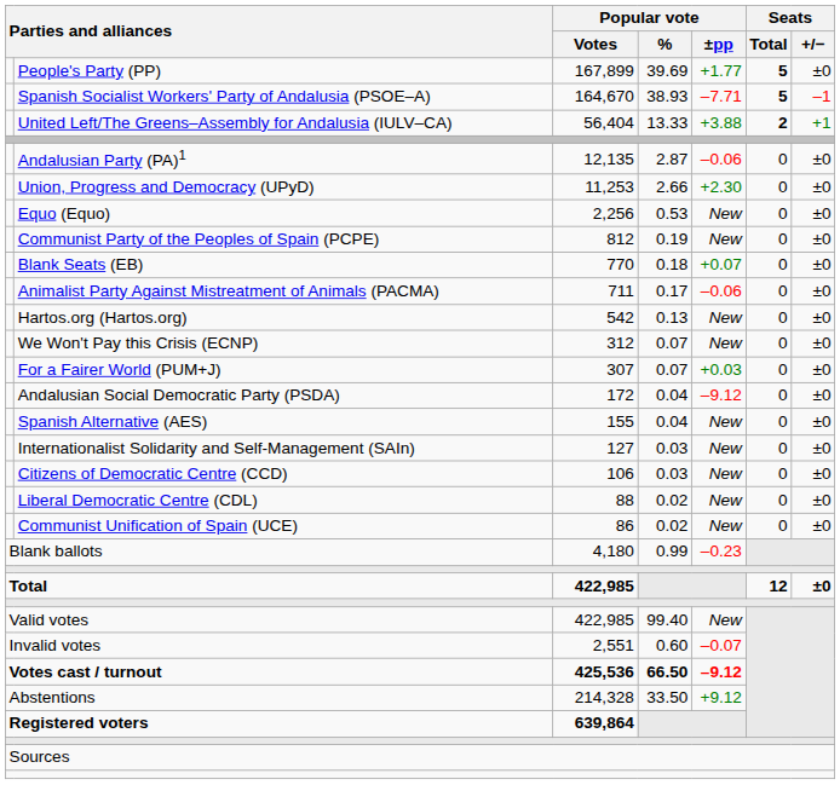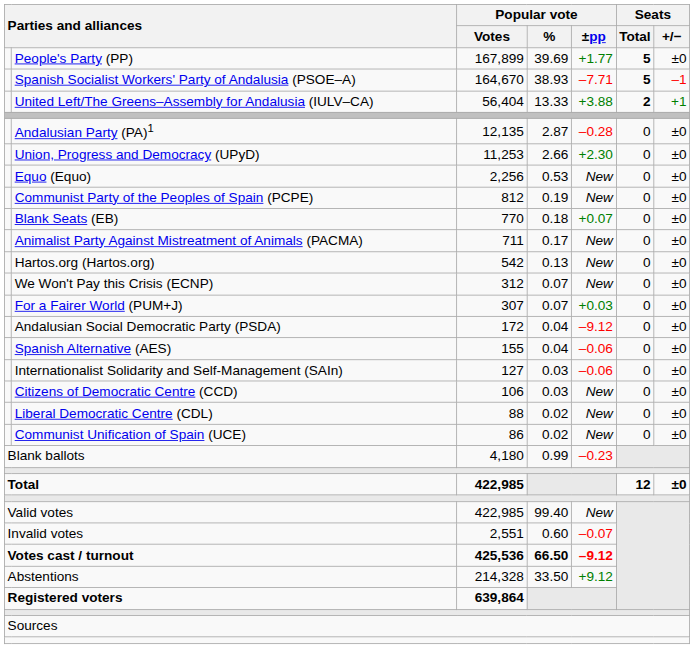 <table class="wikitable" style="text-align:right;">
 <tr>
 <th style="text-align:left;" rowspan="2" colspan="2" width="525">Parties and alliances</th>
 <th colspan="3">Popular vote</th>
 <th colspan="2">Seats</th>
 </tr>
 <tr>
 <th width="75">Votes</th>
 <th width="45">%</th>
 <th width="45">±<a href='#'>pp</a></th>
 <th width="35">Total</th>
 <th width="35">+/−</th>
 </tr>
 <tr>
 <td width="1" style="color:inherit;background:"></td>
 <td align="left"><a href='#'>People's Party</a> (PP)</td>
 <td>167,899</td>
 <td>39.69</td>
 <td style="color:green;">+1.77</td>
 <td><strong>5</strong></td>
 <td>±0</td>
 </tr>
 <tr>
 <td style="color:inherit;background:"></td>
 <td align="left"><a href='#'>Spanish Socialist Workers' Party of Andalusia</a> (PSOE–A)</td>
 <td>164,670</td>
 <td>38.93</td>
 <td style="color:red;">–7.71</td>
 <td><strong>5</strong></td>
 <td style="color:red;">–1</td>
 </tr>
 <tr>
 <td style="color:inherit;background:"></td>
 <td align="left"><a href='#'>United Left/The Greens–Assembly for Andalusia</a> (IULV–CA)</td>
 <td>56,404</td>
 <td>13.33</td>
 <td style="color:green;">+3.88</td>
 <td><strong>2</strong></td>
 <td style="color:green;">+1</td>
 </tr>
 <tr>
 <td colspan="7" bgcolor="#C0C0C0"></td>
 </tr>
 <tr>
 <td style="color:inherit;background:"></td>
 <td align="left"><a href='#'>Andalusian Party</a> (PA)<sup>1</sup></td>
 <td>12,135</td>
 <td>2.87</td>
-<td style="color:red;">–0.06</td>
+<td style="color:red;">–0.28</td>
 <td>0</td>
 <td>±0</td>
 </tr>
 <tr>
 <td style="color:inherit;background:"></td>
 <td align="left"><a href='#'>Union, Progress and Democracy</a> (UPyD)</td>
 <td>11,253</td>
 <td>2.66</td>
 <td style="color:green;">+2.30</td>
 <td>0</td>
 <td>±0</td>
 </tr>
 <tr>
 <td style="color:inherit;background:"></td>
 <td align="left"><a href='#'>Equo</a> (Equo)</td>
 <td>2,256</td>
 <td>0.53</td>
 <td><em>New</em></td>
 <td>0</td>
 <td>±0</td>
 </tr>
 <tr>
 <td style="color:inherit;background:"></td>
 <td align="left"><a href='#'>Communist Party of the Peoples of Spain</a> (PCPE)</td>
 <td>812</td>
 <td>0.19</td>
 <td><em>New</em></td>
 <td>0</td>
 <td>±0</td>
 </tr>
 <tr>
 <td style="color:inherit;background:"></td>
 <td align="left"><a href='#'>Blank Seats</a> (EB)</td>
 <td>770</td>
 <td>0.18</td>
 <td style="color:green;">+0.07</td>
 <td>0</td>
 <td>±0</td>
 </tr>
 <tr>
 <td style="color:inherit;background:"></td>
 <td align="left"><a href='#'>Animalist Party Against Mistreatment of Animals</a> (PACMA)</td>
 <td>711</td>
 <td>0.17</td>
-<td style="color:red;">–0.06</td>
+<td><em>New</em></td>
 <td>0</td>
 <td>±0</td>
 </tr>
 <tr>
 <td style="color:inherit;background:"></td>
 <td align="left">Hartos.org (Hartos.org)</td>
 <td>542</td>
 <td>0.13</td>
 <td><em>New</em></td>
 <td>0</td>
 <td>±0</td>
 </tr>
 <tr>
 <td style="color:inherit;background:"></td>
 <td align="left">We Won't Pay this Crisis (ECNP)</td>
 <td>312</td>
 <td>0.07</td>
 <td><em>New</em></td>
 <td>0</td>
 <td>±0</td>
 </tr>
 <tr>
 <td style="color:inherit;background:"></td>
 <td align="left"><a href='#'>For a Fairer World</a> (PUM+J)</td>
 <td>307</td>
 <td>0.07</td>
 <td style="color:green;">+0.03</td>
 <td>0</td>
 <td>±0</td>
 </tr>
 <tr>
 <td style="color:inherit;background:"></td>
 <td align="left">Andalusian Social Democratic Party (PSDA)</td>
 <td>172</td>
 <td>0.04</td>
 <td style="color:red;">–9.12</td>
 <td>0</td>
 <td>±0</td>
 </tr>
 <tr>
 <td style="color:inherit;background:"></td>
 <td align="left"><a href='#'>Spanish Alternative</a> (AES)</td>
 <td>155</td>
 <td>0.04</td>
-<td><em>New</em></td>
+<td style="color:red;">–0.06</td>
 <td>0</td>
 <td>±0</td>
 </tr>
 <tr>
 <td style="color:inherit;background:"></td>
 <td align="left">Internationalist Solidarity and Self-Management (SAIn)</td>
 <td>127</td>
 <td>0.03</td>
-<td><em>New</em></td>
+<td style="color:red;">–0.06</td>
 <td>0</td>
 <td>±0</td>
 </tr>
 <tr>
 <td style="color:inherit;background:"></td>
 <td align="left"><a href='#'>Citizens of Democratic Centre</a> (CCD)</td>
 <td>106</td>
 <td>0.03</td>
 <td><em>New</em></td>
 <td>0</td>
 <td>±0</td>
 </tr>
 <tr>
 <td style="color:inherit;background:"></td>
 <td align="left"><a href='#'>Liberal Democratic Centre</a> (CDL)</td>
 <td>88</td>
 <td>0.02</td>
 <td><em>New</em></td>
 <td>0</td>
 <td>±0</td>
 </tr>
 <tr>
 <td style="color:inherit;background:"></td>
 <td align="left"><a href='#'>Communist Unification of Spain</a> (UCE)</td>
 <td>86</td>
 <td>0.02</td>
 <td><em>New</em></td>
 <td>0</td>
 <td>±0</td>
 </tr>
 <tr>
 <td align="left" colspan="2">Blank ballots</td>
 <td>4,180</td>
 <td>0.99</td>
 <td style="color:red;">–0.23</td>
 <td bgcolor="#E9E9E9" colspan="2"></td>
 </tr>
 <tr>
 <td colspan="7" bgcolor="#E9E9E9"></td>
 </tr>
 <tr style="font-weight:bold;">
 <td align="left" colspan="2">Total</td>
 <td>422,985</td>
 <td bgcolor="#E9E9E9" colspan="2"></td>
 <td>12</td>
 <td>±0</td>
 </tr>
 <tr>
 <td colspan="7" bgcolor="#E9E9E9"></td>
 </tr>
 <tr>
 <td align="left" colspan="2">Valid votes</td>
 <td>422,985</td>
 <td>99.40</td>
 <td><em>New</em></td>
 <td bgcolor="#E9E9E9" colspan="2" rowspan="5"></td>
 </tr>
 <tr>
 <td align="left" colspan="2">Invalid votes</td>
 <td>2,551</td>
 <td>0.60</td>
 <td style="color:red;">–0.07</td>
 </tr>
 <tr style="font-weight:bold;">
 <td align="left" colspan="2">Votes cast / turnout</td>
 <td>425,536</td>
 <td>66.50</td>
 <td style="color:red;">–9.12</td>
 </tr>
 <tr>
 <td align="left" colspan="2">Abstentions</td>
 <td>214,328</td>
 <td>33.50</td>
 <td style="color:green;">+9.12</td>
 </tr>
 <tr style="font-weight:bold;">
 <td align="left" colspan="2">Registered voters</td>
 <td>639,864</td>
 <td bgcolor="#E9E9E9" colspan="2"></td>
 </tr>
 <tr>
 <td colspan="7" bgcolor="#E9E9E9"></td>
 </tr>
 <tr>
 <td align="left" colspan="7">Sources</td>
 </tr>
 <tr>
 <td colspan="7" style="text-align:left; max-width:790px;"></td>
 </tr>
 </table>
